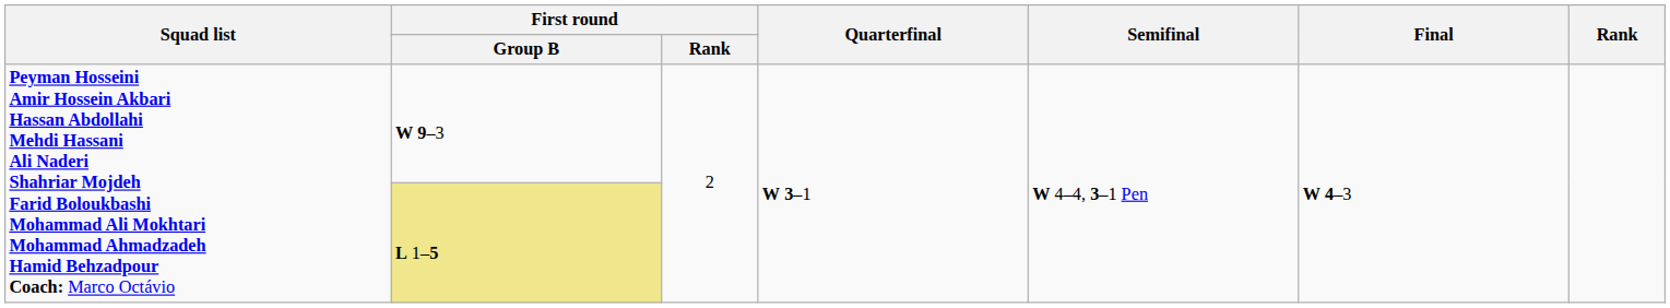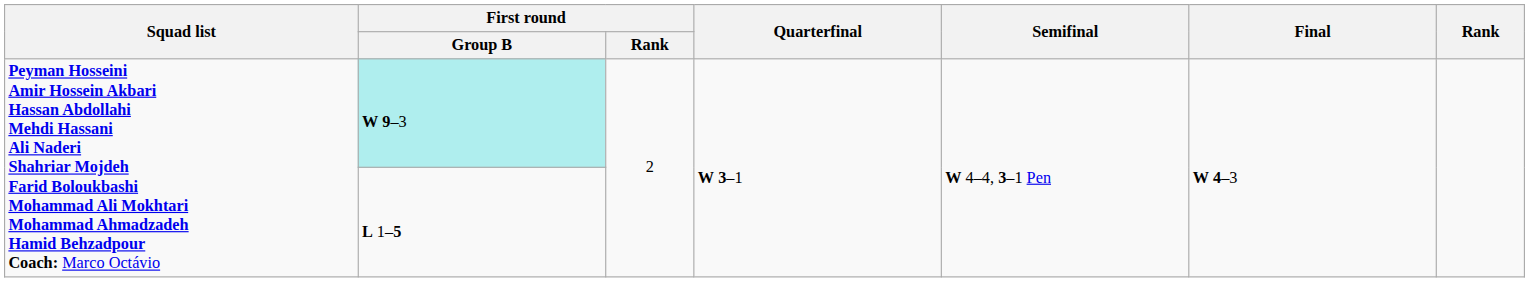 <table class="wikitable" width="85%" style="text-align:left; font-size:90%">
 <tr>
 <th rowspan="2" width="20%">Squad list</th>
 <th colspan="2">First round</th>
 <th rowspan="2" width="14%">Quarterfinal</th>
 <th rowspan="2" width="14%">Semifinal</th>
 <th rowspan="2" width="14%">Final</th>
 <th rowspan="2" width="5%">Rank</th>
 </tr>
 <tr>
 <th width="14%">Group B</th>
 <th width="5%">Rank</th>
 </tr>
 <tr>
 <td rowspan=2><strong><a href='#'>Peyman Hosseini</a><br><a href='#'>Amir Hossein Akbari</a><br><a href='#'>Hassan Abdollahi</a><br><a href='#'>Mehdi Hassani</a><br><a href='#'>Ali Naderi</a><br><a href='#'>Shahriar Mojdeh</a><br><a href='#'>Farid Boloukbashi</a><br><a href='#'>Mohammad Ali Mokhtari</a><br><a href='#'>Mohammad Ahmadzadeh</a><br><a href='#'>Hamid Behzadpour</a><br>Coach:</strong>  <a href='#'>Marco Octávio</a></td>
-<td><br><strong>W</strong> <strong>9</strong>–3</td>
+<td style="background: paleturquoise;"><br><strong>W</strong> <strong>9</strong>–3</td>
 <td rowspan=2 align=center>2 <strong></strong></td>
 <td rowspan=2><br><strong>W</strong> <strong>3</strong>–1</td>
 <td rowspan=2><br><strong>W</strong> 4–4, <strong>3</strong>–1 <a href='#'>Pen</a></td>
 <td rowspan=2><br><strong>W</strong> <strong>4</strong>–3</td>
 <td rowspan=2 align=center></td>
 </tr>
 <tr>
-<td style="background: khaki;"><br><strong>L</strong> 1–<strong>5</strong></td>
+<td><br><strong>L</strong> 1–<strong>5</strong></td>
 </tr>
 </table>
